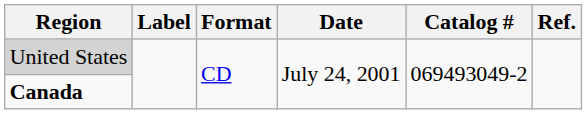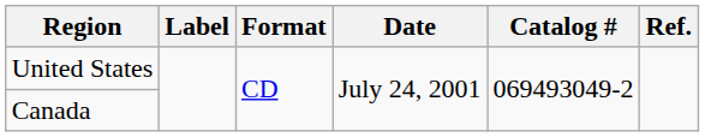 <table class="wikitable">
 <tr>
 <th>Region</th>
 <th>Label</th>
 <th>Format</th>
 <th>Date</th>
 <th>Catalog #</th>
 <th>Ref.</th>
 </tr>
 <tr>
-<td style="background: lightgrey;">United States</td>
+<td>United States</td>
 <td rowspan="2"></td>
 <td rowspan="2"><a href='#'>CD</a></td>
 <td rowspan="2">July 24, 2001</td>
 <td rowspan="2">069493049-2</td>
 <td rowspan="2"></td>
 </tr>
 <tr>
-<td><strong>Canada</strong></td>
+<td>Canada</td>
 </tr>
 </table>
